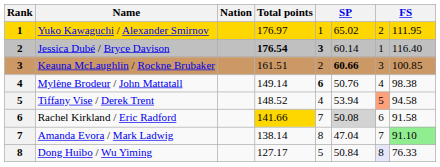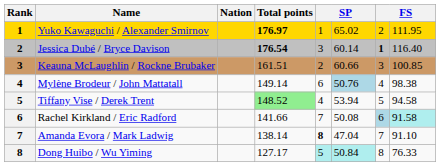 <table class="wikitable">
 <tr>
 <th>Rank</th>
 <th>Name</th>
 <th>Nation</th>
 <th>Total points</th>
 <th colspan="2" width="80px"><a href='#'>SP</a></th>
 <th colspan="2" width="80px"><a href='#'>FS</a></th>
 </tr>
 <tr bgcolor="gold">
 <td align="center"><strong>1</strong></td>
 <td><a href='#'>Yuko Kawaguchi</a> / <a href='#'>Alexander Smirnov</a></td>
 <td></td>
-<td>176.97</td>
+<td><strong>176.97</strong></td>
 <td>1</td>
 <td>65.02</td>
 <td>2</td>
 <td>111.95</td>
 </tr>
 <tr bgcolor="silver">
 <td align="center"><strong>2</strong></td>
 <td><a href='#'>Jessica Dubé</a> / <a href='#'>Bryce Davison</a></td>
 <td></td>
 <td><strong>176.54</strong></td>
-<td><strong>3</strong></td>
+<td>3</td>
 <td>60.14</td>
-<td>1</td>
+<td><strong>1</strong></td>
 <td>116.40</td>
 </tr>
 <tr bgcolor="cc9966">
 <td align="center"><strong>3</strong></td>
 <td><a href='#'>Keauna McLaughlin</a> / <a href='#'>Rockne Brubaker</a></td>
 <td></td>
 <td>161.51</td>
 <td>2</td>
-<td><strong>60.66</strong></td>
+<td>60.66</td>
 <td>3</td>
 <td>100.85</td>
 </tr>
 <tr>
 <th>4</th>
 <td><a href='#'>Mylène Brodeur</a> / <a href='#'>John Mattatall</a></td>
 <td></td>
 <td>149.14</td>
-<td><strong>6</strong></td>
-<td>50.76</td>
+<td>6</td>
+<td style="background: lightblue;">50.76</td>
 <td>4</td>
 <td>98.38</td>
 </tr>
 <tr>
 <th>5</th>
 <td><a href='#'>Tiffany Vise</a> / <a href='#'>Derek Trent</a></td>
 <td></td>
-<td>148.52</td>
+<td style="background: lightgreen;">148.52</td>
 <td>4</td>
 <td>53.94</td>
-<td style="background: lightsalmon;">5</td>
+<td>5</td>
 <td>94.58</td>
 </tr>
 <tr>
 <th>6</th>
 <td>Rachel Kirkland / <a href='#'>Eric Radford</a></td>
 <td></td>
-<td style="background: gold;">141.66</td>
+<td>141.66</td>
 <td>7</td>
-<td style="background: lightgrey;">50.08</td>
-<td>6</td>
-<td>91.58</td>
+<td>50.08</td>
+<td style="background: lightblue;">6</td>
+<td style="background: paleturquoise;">91.58</td>
 </tr>
 <tr>
 <th>7</th>
 <td><a href='#'>Amanda Evora</a> / <a href='#'>Mark Ladwig</a></td>
 <td></td>
 <td>138.14</td>
-<td>8</td>
+<td><strong>8</strong></td>
 <td>47.04</td>
 <td>7</td>
-<td style="background: lightgreen;">91.10</td>
+<td>91.10</td>
 </tr>
 <tr>
 <th>8</th>
 <td><a href='#'>Dong Huibo</a> / <a href='#'>Wu Yiming</a></td>
 <td></td>
 <td>127.17</td>
-<td>5</td>
-<td>50.84</td>
-<td style="background: lavender;">8</td>
+<td style="background: paleturquoise;">5</td>
+<td style="background: paleturquoise;">50.84</td>
+<td>8</td>
 <td>76.33</td>
 </tr>
 </table>
